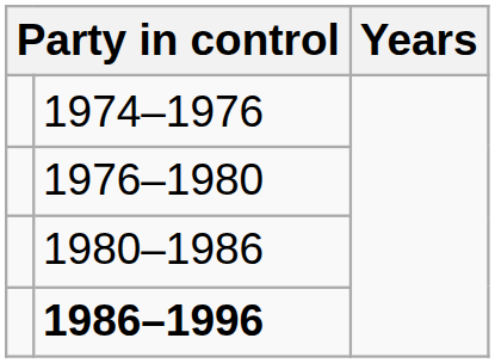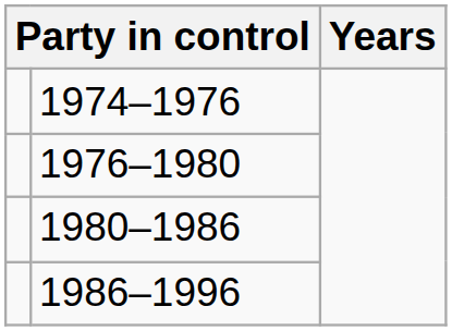 <table class="wikitable">
 <tr>
 <th colspan="2">Party in control</th>
 <th>Years</th>
 </tr>
 <tr>
 <td></td>
 <td>1974–1976</td>
 </tr>
 <tr>
 <td></td>
 <td>1976–1980</td>
 </tr>
 <tr>
 <td></td>
 <td>1980–1986</td>
 </tr>
 <tr>
 <td></td>
-<td><strong>1986–1996</strong></td>
+<td>1986–1996</td>
 </tr>
 </table>
